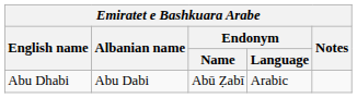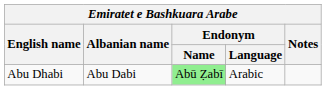 <table class="wikitable sortable">
 <tr>
 <th colspan="5"> <em>Emiratet e Bashkuara Arabe</em></th>
 </tr>
 <tr>
 <th rowspan="2">English name</th>
 <th rowspan="2">Albanian name</th>
 <th colspan="2">Endonym</th>
 <th rowspan="2">Notes</th>
 </tr>
 <tr>
 <th>Name</th>
 <th>Language</th>
 </tr>
 <tr>
 <td>Abu Dhabi</td>
 <td>Abu Dabi</td>
-<td>Abū Ẓabī</td>
+<td style="background: lightgreen;">Abū Ẓabī</td>
 <td>Arabic</td>
 <td></td>
 </tr>
 </table>
